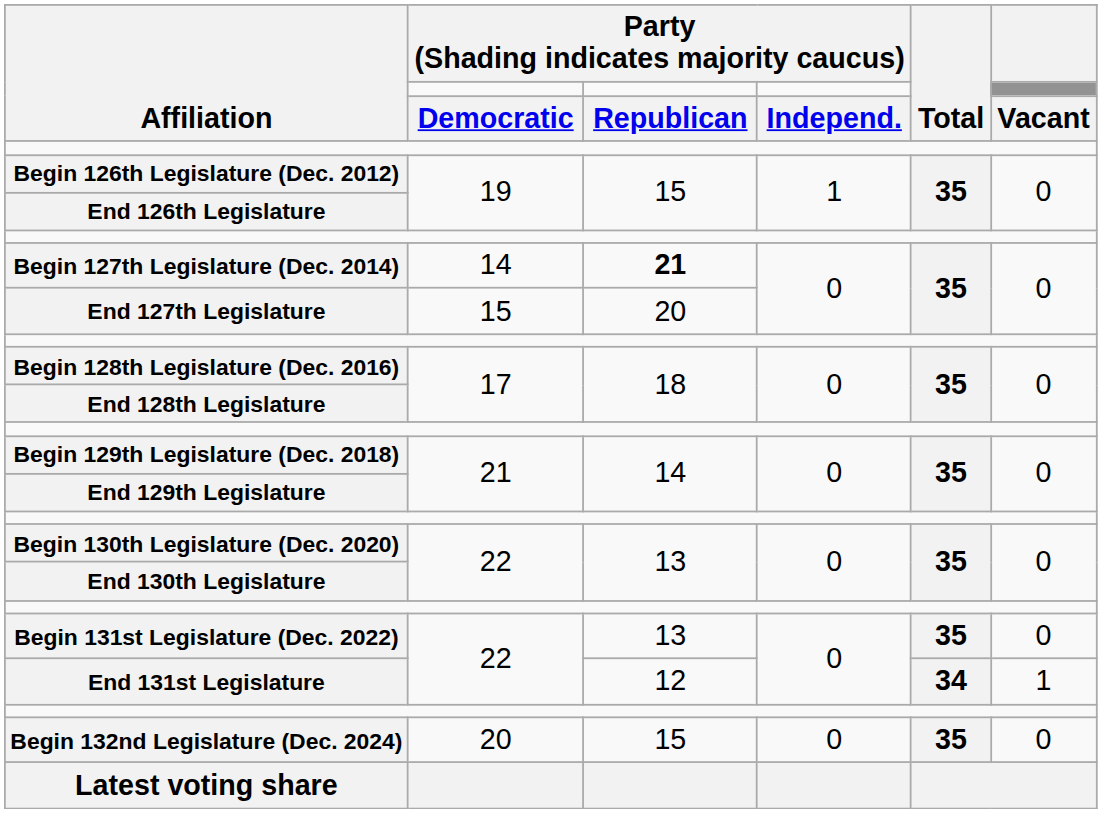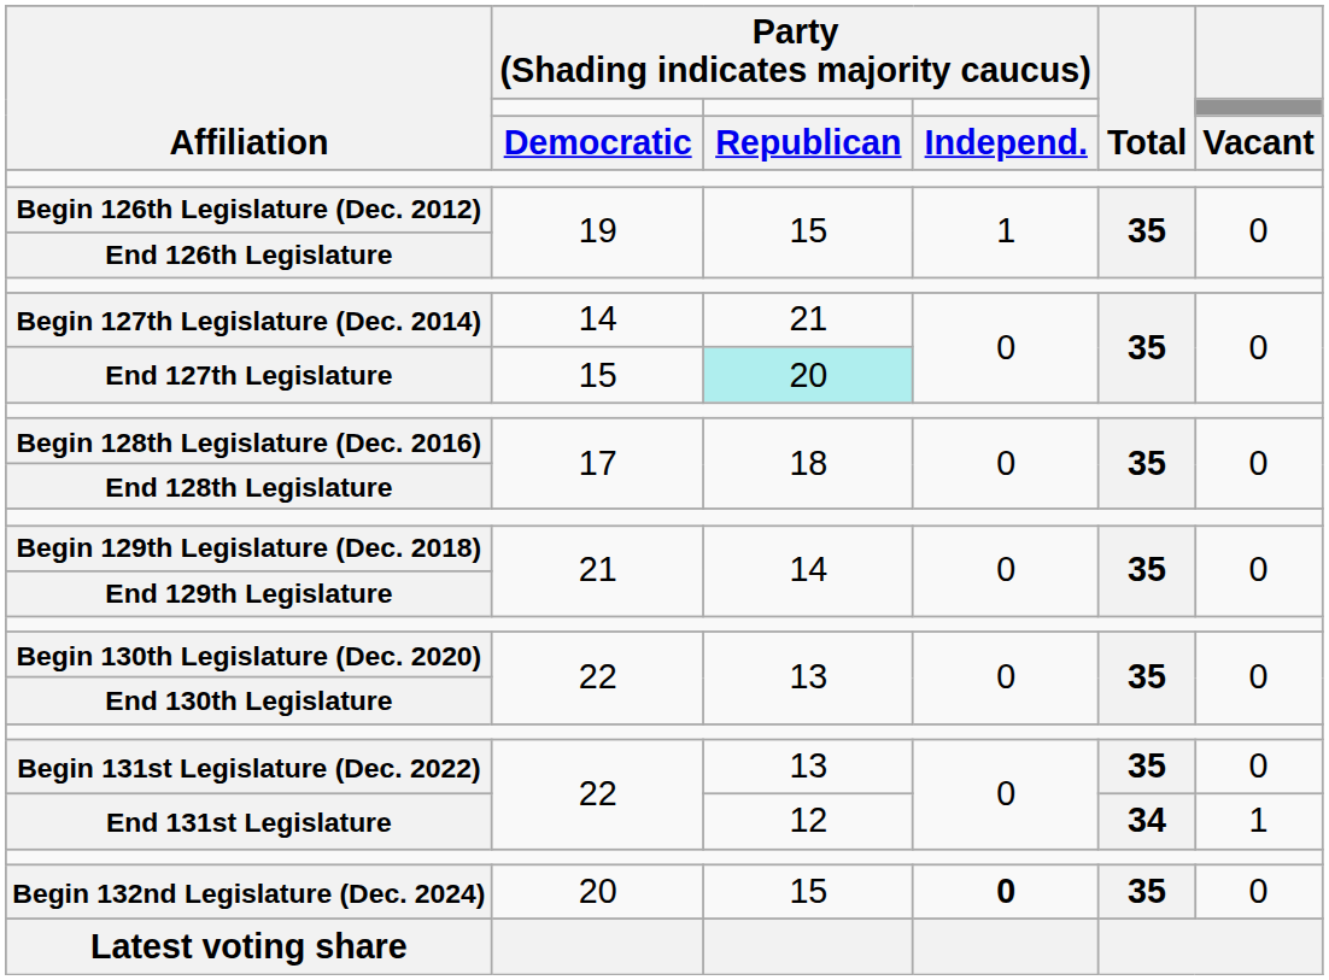 <table class=wikitable style="text-align:center">
 <tr style="vertical-align:bottom;">
 <th rowspan=3>Affiliation</th>
 <th colspan=3>Party <div>(Shading indicates majority caucus)</div></th>
 <th rowspan=3>Total</th>
 <th></th>
 </tr>
 <tr style="height:5px">
 <td style="background-color:"></td>
 <td style="background-color:"></td>
 <td style="background-color:"></td>
 <td style="background-color:#929292"></td>
 </tr>
 <tr>
 <th><a href='#'>Democratic</a></th>
 <th><a href='#'>Republican</a></th>
 <th><a href='#'>Independ.</a></th>
 <th>Vacant</th>
 </tr>
 <tr>
 <td colspan=6></td>
 </tr>
 <tr>
 <th style="font-size:80%; white-space:nowrap">Begin 126th Legislature (Dec. 2012)</th>
 <td rowspan=2 >19</td>
 <td rowspan=2>15</td>
 <td rowspan=2>1</td>
 <th rowspan=2>35</th>
 <td rowspan=2>0</td>
 </tr>
 <tr>
 <th style="font-size:80%; white-space:nowrap">End 126th Legislature</th>
 </tr>
 <tr>
 <td colspan=6></td>
 </tr>
 <tr>
 <th style="font-size:80%; white-space:nowrap">Begin 127th Legislature (Dec. 2014)</th>
 <td>14</td>
-<td><strong>21</strong></td>
+<td>21</td>
 <td rowspan=2>0</td>
 <th rowspan=2>35</th>
 <td rowspan=2>0</td>
 </tr>
 <tr>
 <th style="font-size:80%; white-space:nowrap">End 127th Legislature</th>
 <td>15</td>
-<td>20</td>
+<td style="background: paleturquoise;">20</td>
 </tr>
 <tr>
 <td colspan=6></td>
 </tr>
 <tr>
 <th style="font-size:80%; white-space:nowrap">Begin 128th Legislature (Dec. 2016)</th>
 <td rowspan=2>17</td>
 <td rowspan=2 >18</td>
 <td rowspan=2>0</td>
 <th rowspan=2>35</th>
 <td rowspan=2>0</td>
 </tr>
 <tr>
 <th style="font-size:80%; white-space:nowrap">End 128th Legislature</th>
 </tr>
 <tr>
 <td colspan=6></td>
 </tr>
 <tr>
 <th style="font-size:80%; white-space:nowrap">Begin 129th Legislature (Dec. 2018)</th>
 <td rowspan=2 >21</td>
 <td rowspan=2>14</td>
 <td rowspan=2>0</td>
 <th rowspan=2>35</th>
 <td rowspan=2>0</td>
 </tr>
 <tr>
 <th style="font-size:80%; white-space:nowrap">End 129th Legislature</th>
 </tr>
 <tr>
 <td colspan=6></td>
 </tr>
 <tr>
 <th style="font-size:80%; white-space:nowrap">Begin 130th Legislature (Dec. 2020)</th>
 <td rowspan=2 >22</td>
 <td rowspan=2>13</td>
 <td rowspan=2>0</td>
 <th rowspan=2>35</th>
 <td rowspan=2>0</td>
 </tr>
 <tr>
 <th style="font-size:80%; white-space:nowrap">End 130th Legislature</th>
 </tr>
 <tr>
 <td colspan=6></td>
 </tr>
 <tr>
 <th style="font-size:80%; white-space:nowrap">Begin 131st Legislature (Dec. 2022)</th>
 <td rowspan=2 >22</td>
 <td>13</td>
 <td rowspan=2>0</td>
 <th>35</th>
 <td>0</td>
 </tr>
 <tr>
 <th style="font-size:80%; white-space:nowrap">End 131st Legislature</th>
 <td>12</td>
 <th>34</th>
 <td>1</td>
 </tr>
 <tr>
 <td colspan=6></td>
 </tr>
 <tr>
 <th style="font-size:80%; white-space:nowrap">Begin 132nd Legislature (Dec. 2024)</th>
 <td>20</td>
 <td>15</td>
-<td>0</td>
+<td><strong>0</strong></td>
 <th>35</th>
 <td>0</td>
 </tr>
 <tr>
 <th>Latest voting share</th>
 <th></th>
 <th></th>
 <th></th>
 <th colspan=2></th>
 </tr>
 </table>
